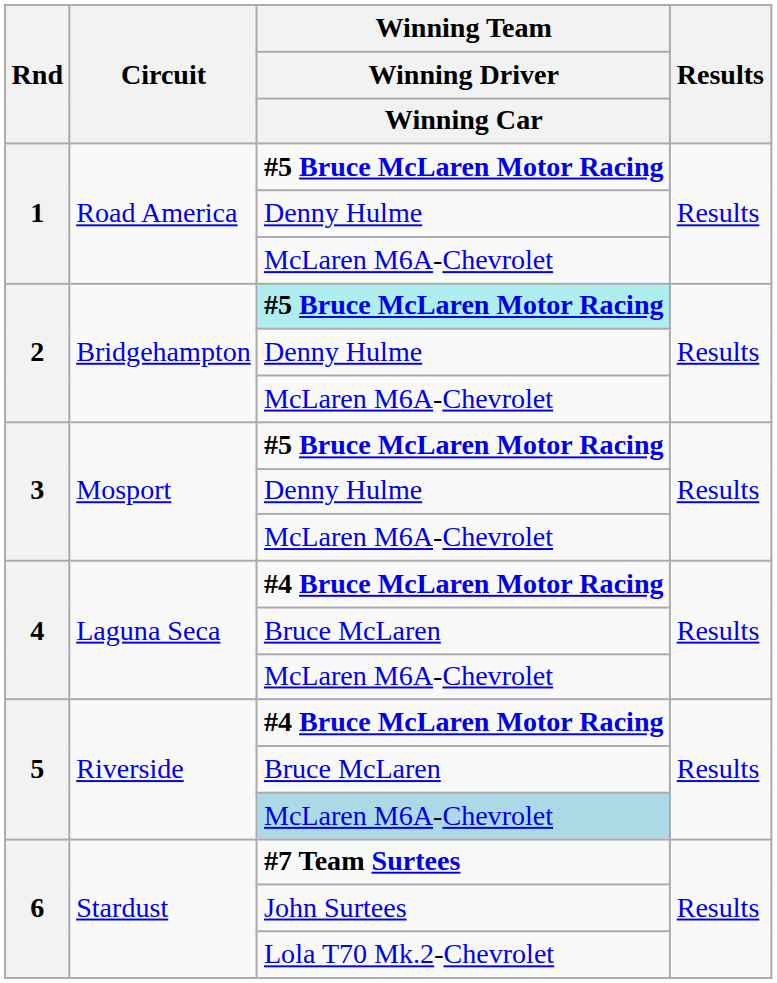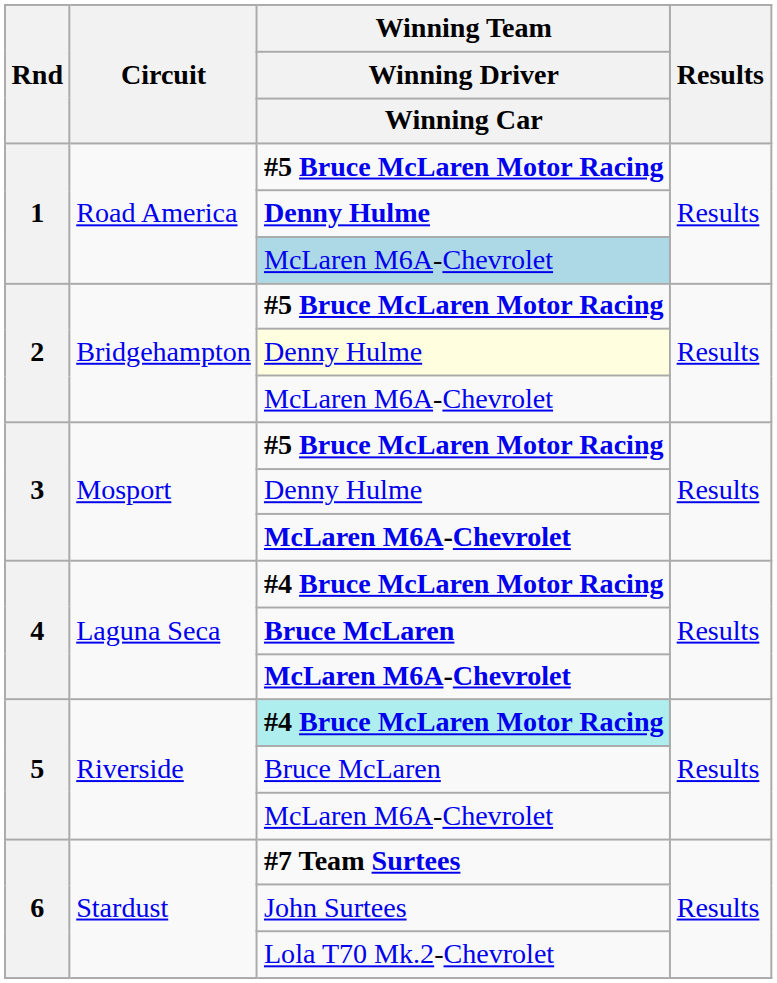 <table class="wikitable" style="font-size: 90%;">
 <tr>
 <th rowspan="3">Rnd</th>
 <th rowspan="3">Circuit</th>
 <th>Winning Team</th>
 <th rowspan="3">Results</th>
 </tr>
 <tr>
 <th>Winning Driver</th>
 </tr>
 <tr>
 <th>Winning Car</th>
 </tr>
 <tr>
 <th rowspan="3">1</th>
 <td rowspan="3"><a href='#'>Road America</a></td>
 <td><strong> #5 <a href='#'>Bruce McLaren Motor Racing</a></strong></td>
 <td rowspan="3"><a href='#'>Results</a></td>
 </tr>
 <tr>
-<td> <a href='#'>Denny Hulme</a></td>
+<td><strong> <a href='#'>Denny Hulme</a></strong></td>
 </tr>
 <tr>
-<td><a href='#'>McLaren M6A</a>-<a href='#'>Chevrolet</a></td>
+<td style="background: lightblue;"><a href='#'>McLaren M6A</a>-<a href='#'>Chevrolet</a></td>
 </tr>
 <tr>
 <th rowspan="3">2</th>
 <td rowspan="3"><a href='#'>Bridgehampton</a></td>
-<td style="background: paleturquoise;"><strong> #5 <a href='#'>Bruce McLaren Motor Racing</a></strong></td>
+<td><strong> #5 <a href='#'>Bruce McLaren Motor Racing</a></strong></td>
 <td rowspan="3"><a href='#'>Results</a></td>
 </tr>
 <tr>
-<td> <a href='#'>Denny Hulme</a></td>
+<td style="background: lightyellow;"> <a href='#'>Denny Hulme</a></td>
 </tr>
 <tr>
 <td><a href='#'>McLaren M6A</a>-<a href='#'>Chevrolet</a></td>
 </tr>
 <tr>
 <th rowspan="3">3</th>
 <td rowspan="3"><a href='#'>Mosport</a></td>
 <td><strong> #5 <a href='#'>Bruce McLaren Motor Racing</a></strong></td>
 <td rowspan="3"><a href='#'>Results</a></td>
 </tr>
 <tr>
 <td> <a href='#'>Denny Hulme</a></td>
 </tr>
 <tr>
-<td><a href='#'>McLaren M6A</a>-<a href='#'>Chevrolet</a></td>
+<td><strong><a href='#'>McLaren M6A</a>-<a href='#'>Chevrolet</a></strong></td>
 </tr>
 <tr>
 <th rowspan="3">4</th>
 <td rowspan="3"><a href='#'>Laguna Seca</a></td>
 <td><strong> #4 <a href='#'>Bruce McLaren Motor Racing</a></strong></td>
 <td rowspan="3"><a href='#'>Results</a></td>
 </tr>
 <tr>
-<td> <a href='#'>Bruce McLaren</a></td>
+<td><strong> <a href='#'>Bruce McLaren</a></strong></td>
 </tr>
 <tr>
-<td><a href='#'>McLaren M6A</a>-<a href='#'>Chevrolet</a></td>
+<td><strong><a href='#'>McLaren M6A</a>-<a href='#'>Chevrolet</a></strong></td>
 </tr>
 <tr>
 <th rowspan="3">5</th>
 <td rowspan="3"><a href='#'>Riverside</a></td>
-<td><strong> #4 <a href='#'>Bruce McLaren Motor Racing</a></strong></td>
+<td style="background: paleturquoise;"><strong> #4 <a href='#'>Bruce McLaren Motor Racing</a></strong></td>
 <td rowspan="3"><a href='#'>Results</a></td>
 </tr>
 <tr>
 <td> <a href='#'>Bruce McLaren</a></td>
 </tr>
 <tr>
-<td style="background: lightblue;"><a href='#'>McLaren M6A</a>-<a href='#'>Chevrolet</a></td>
+<td><a href='#'>McLaren M6A</a>-<a href='#'>Chevrolet</a></td>
 </tr>
 <tr>
 <th rowspan="3">6</th>
 <td rowspan="3"><a href='#'>Stardust</a></td>
 <td><strong> #7 Team <a href='#'>Surtees</a></strong></td>
 <td rowspan="3"><a href='#'>Results</a></td>
 </tr>
 <tr>
 <td> <a href='#'>John Surtees</a></td>
 </tr>
 <tr>
 <td><a href='#'>Lola T70 Mk.2</a>-<a href='#'>Chevrolet</a></td>
 </tr>
 </table>
